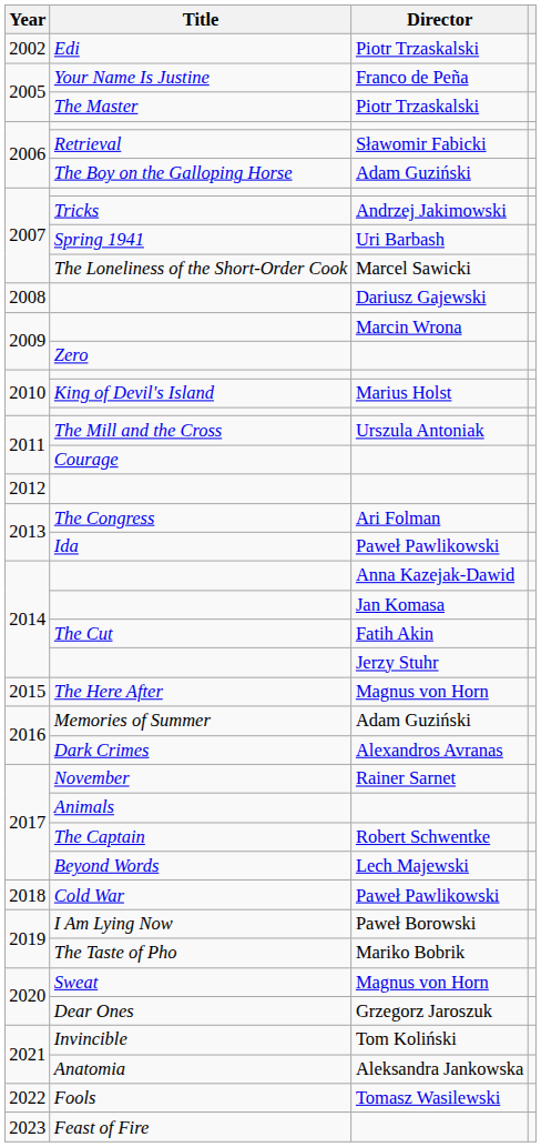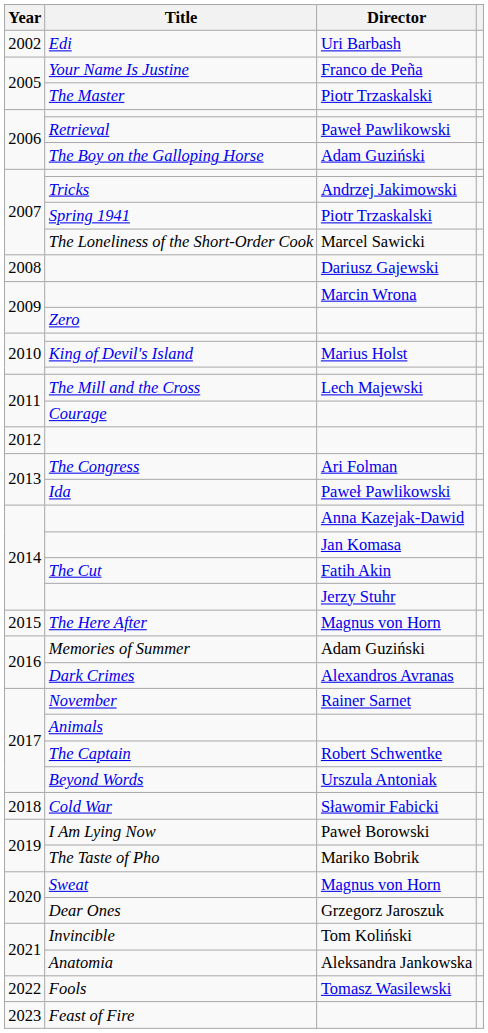 <table class="wikitable plainrowheaders sortable">
 <tr style="text-align:center;">
 <th>Year</th>
 <th>Title</th>
 <th>Director</th>
 <th class="unsortable"></th>
 </tr>
 <tr>
 <td>2002</td>
 <td><em><a href='#'>Edi</a></em></td>
-<td><a href='#'>Piotr Trzaskalski</a></td>
+<td><a href='#'>Uri Barbash</a></td>
 <td></td>
 </tr>
 <tr>
 <td rowspan="2">2005</td>
 <td><em><a href='#'>Your Name Is Justine</a></em></td>
 <td><a href='#'>Franco de Peña</a></td>
 <td></td>
 </tr>
 <tr>
 <td><em><a href='#'>The Master</a></em></td>
 <td><a href='#'>Piotr Trzaskalski</a></td>
 <td></td>
 </tr>
 <tr>
 <td rowspan="3">2006</td>
 <td><em></em></td>
 <td></td>
 <td></td>
 </tr>
 <tr>
 <td><em><a href='#'>Retrieval</a></em></td>
-<td><a href='#'>Sławomir Fabicki</a></td>
+<td><a href='#'>Paweł Pawlikowski</a></td>
 <td></td>
 </tr>
 <tr>
 <td><em><a href='#'>The Boy on the Galloping Horse</a></em></td>
 <td><a href='#'>Adam Guziński</a></td>
 <td></td>
 </tr>
 <tr>
 <td rowspan="4">2007</td>
 <td><em></em></td>
 <td></td>
 <td></td>
 </tr>
 <tr>
 <td><em><a href='#'>Tricks</a></em></td>
 <td><a href='#'>Andrzej Jakimowski</a></td>
 <td></td>
 </tr>
 <tr>
 <td><em><a href='#'>Spring 1941</a></em></td>
-<td><a href='#'>Uri Barbash</a></td>
+<td><a href='#'>Piotr Trzaskalski</a></td>
 <td></td>
 </tr>
 <tr>
 <td><em>The Loneliness of the Short-Order Cook</em></td>
 <td>Marcel Sawicki</td>
 <td></td>
 </tr>
 <tr>
 <td>2008</td>
 <td><em></em></td>
 <td><a href='#'>Dariusz Gajewski</a></td>
 <td></td>
 </tr>
 <tr>
 <td rowspan="2">2009</td>
 <td><em></em></td>
 <td><a href='#'>Marcin Wrona</a></td>
 <td></td>
 </tr>
 <tr>
 <td><em><a href='#'>Zero</a></em></td>
 <td></td>
 <td></td>
 </tr>
 <tr>
 <td rowspan="3">2010</td>
 <td><em></em></td>
 <td></td>
 <td></td>
 </tr>
 <tr>
 <td><em><a href='#'>King of Devil's Island</a></em></td>
 <td><a href='#'>Marius Holst</a></td>
 <td></td>
 </tr>
 <tr>
 <td><em></em></td>
 <td></td>
 <td></td>
 </tr>
 <tr>
 <td rowspan="2">2011</td>
 <td><em><a href='#'>The Mill and the Cross</a></em></td>
-<td><a href='#'>Urszula Antoniak</a></td>
+<td><a href='#'>Lech Majewski</a></td>
 <td></td>
 </tr>
 <tr>
 <td><em><a href='#'>Courage</a></em></td>
 <td></td>
 <td></td>
 </tr>
 <tr>
 <td>2012</td>
 <td><em></em></td>
 <td></td>
 <td></td>
 </tr>
 <tr>
 <td rowspan="2">2013</td>
 <td><em><a href='#'>The Congress</a></em></td>
 <td><a href='#'>Ari Folman</a></td>
 <td></td>
 </tr>
 <tr>
 <td><em><a href='#'>Ida</a></em></td>
 <td><a href='#'>Paweł Pawlikowski</a></td>
 <td></td>
 </tr>
 <tr>
 <td rowspan="4">2014</td>
 <td><em></em></td>
 <td><a href='#'>Anna Kazejak-Dawid</a></td>
 <td></td>
 </tr>
 <tr>
 <td><em></em></td>
 <td><a href='#'>Jan Komasa</a></td>
 <td></td>
 </tr>
 <tr>
 <td><em><a href='#'>The Cut</a></em></td>
 <td><a href='#'>Fatih Akin</a></td>
 <td></td>
 </tr>
 <tr>
 <td><em></em></td>
 <td><a href='#'>Jerzy Stuhr</a></td>
 <td></td>
 </tr>
 <tr>
 <td>2015</td>
 <td><em><a href='#'>The Here After</a></em></td>
 <td><a href='#'>Magnus von Horn</a></td>
 <td></td>
 </tr>
 <tr>
 <td rowspan="2">2016</td>
 <td><em>Memories of Summer</em></td>
 <td>Adam Guziński</td>
 <td></td>
 </tr>
 <tr>
 <td><em><a href='#'>Dark Crimes</a></em></td>
 <td><a href='#'>Alexandros Avranas</a></td>
 <td></td>
 </tr>
 <tr>
 <td rowspan="4">2017</td>
 <td><em><a href='#'>November</a></em></td>
 <td><a href='#'>Rainer Sarnet</a></td>
 <td></td>
 </tr>
 <tr>
 <td><em><a href='#'>Animals</a></em></td>
 <td></td>
 <td></td>
 </tr>
 <tr>
 <td><em><a href='#'>The Captain</a></em></td>
 <td><a href='#'>Robert Schwentke</a></td>
 <td></td>
 </tr>
 <tr>
 <td><em><a href='#'>Beyond Words</a></em></td>
-<td><a href='#'>Lech Majewski</a></td>
+<td><a href='#'>Urszula Antoniak</a></td>
 <td></td>
 </tr>
 <tr>
 <td>2018</td>
 <td><em><a href='#'>Cold War</a></em></td>
-<td><a href='#'>Paweł Pawlikowski</a></td>
+<td><a href='#'>Sławomir Fabicki</a></td>
 <td></td>
 </tr>
 <tr>
 <td rowspan="2">2019</td>
 <td><em>I Am Lying Now</em></td>
 <td>Paweł Borowski</td>
 <td></td>
 </tr>
 <tr>
 <td><em>The Taste of Pho</em></td>
 <td>Mariko Bobrik</td>
 <td></td>
 </tr>
 <tr>
 <td rowspan="2">2020</td>
 <td><em><a href='#'>Sweat</a></em></td>
 <td><a href='#'>Magnus von Horn</a></td>
 <td></td>
 </tr>
 <tr>
 <td><em>Dear Ones</em></td>
 <td>Grzegorz Jaroszuk</td>
 <td></td>
 </tr>
 <tr>
 <td rowspan="2">2021</td>
 <td><em>Invincible</em></td>
 <td>Tom Koliński</td>
 <td></td>
 </tr>
 <tr>
 <td><em>Anatomia</em></td>
 <td>Aleksandra Jankowska</td>
 <td></td>
 </tr>
 <tr>
 <td>2022</td>
 <td><em>Fools</em></td>
 <td><a href='#'>Tomasz Wasilewski</a></td>
 <td></td>
 </tr>
 <tr>
 <td>2023</td>
 <td><em>Feast of Fire</em></td>
 <td></td>
 <td></td>
 </tr>
 </table>
